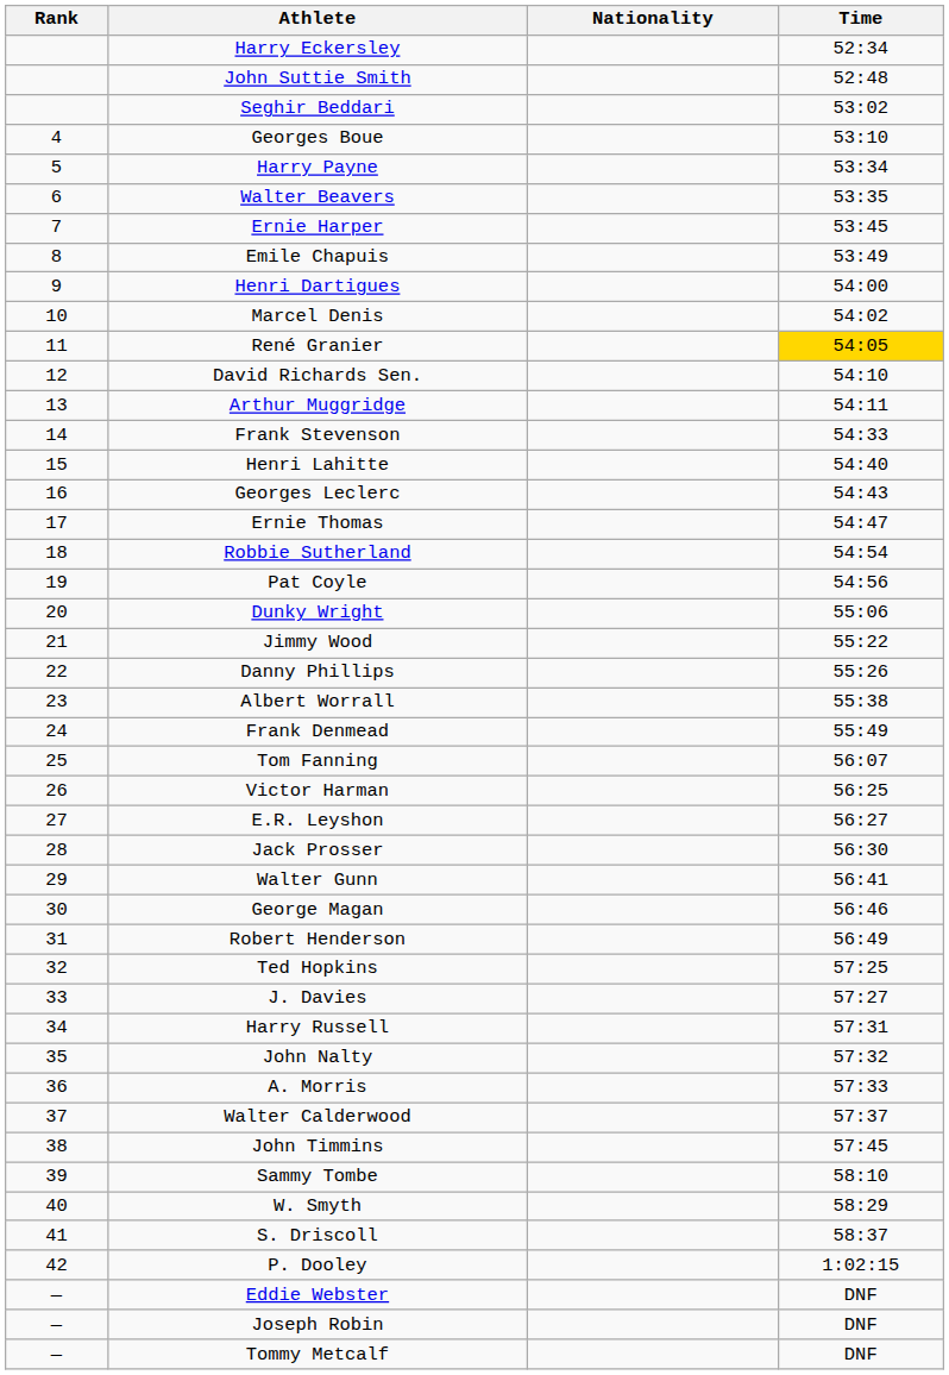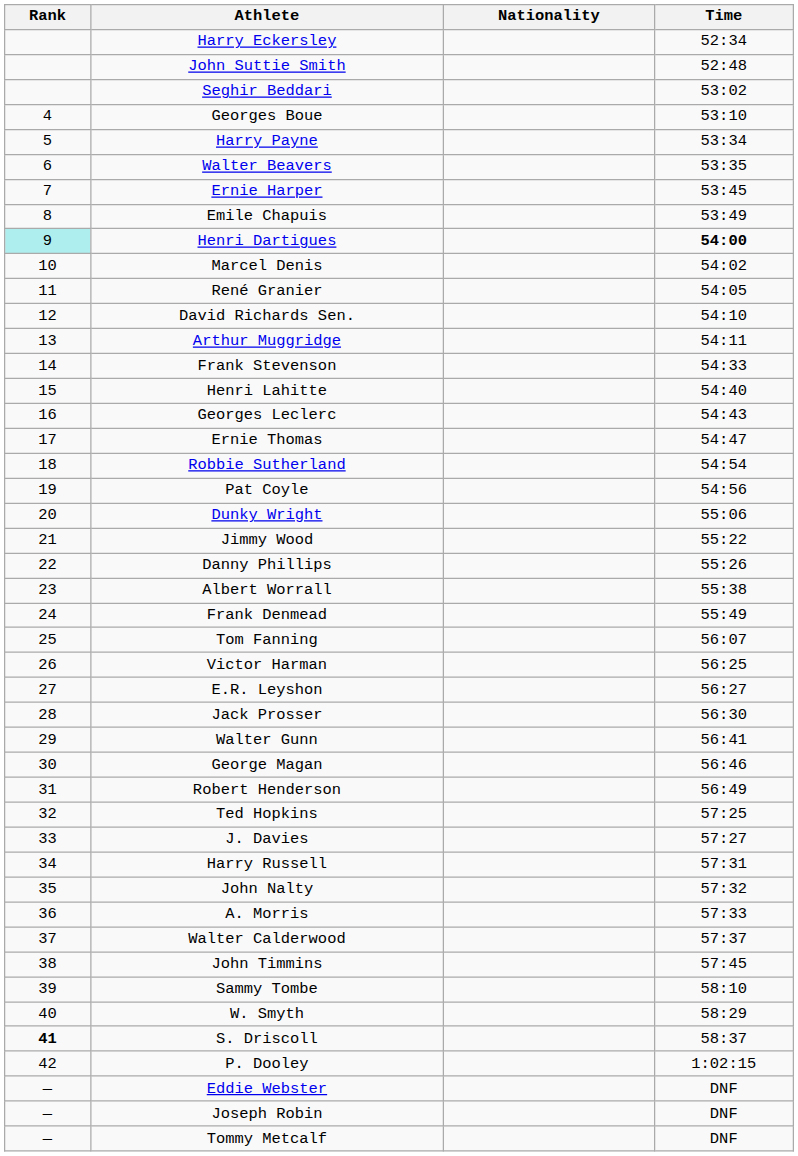 <table class="wikitable sortable" style=" text-align:center; font-size:95%;" width="50%">
 <tr>
 <th>Rank</th>
 <th>Athlete</th>
 <th>Nationality</th>
 <th>Time</th>
 </tr>
 <tr>
 <td align=center></td>
 <td><a href='#'>Harry Eckersley</a></td>
 <td></td>
 <td>52:34</td>
 </tr>
 <tr>
 <td align=center></td>
 <td><a href='#'>John Suttie Smith</a></td>
 <td></td>
 <td>52:48</td>
 </tr>
 <tr>
 <td align=center></td>
 <td><a href='#'>Seghir Beddari</a></td>
 <td></td>
 <td>53:02</td>
 </tr>
 <tr>
 <td align=center>4</td>
 <td>Georges Boue</td>
 <td></td>
 <td>53:10</td>
 </tr>
 <tr>
 <td align=center>5</td>
 <td><a href='#'>Harry Payne</a></td>
 <td></td>
 <td>53:34</td>
 </tr>
 <tr>
 <td align=center>6</td>
 <td><a href='#'>Walter Beavers</a></td>
 <td></td>
 <td>53:35</td>
 </tr>
 <tr>
 <td align=center>7</td>
 <td><a href='#'>Ernie Harper</a></td>
 <td></td>
 <td>53:45</td>
 </tr>
 <tr>
 <td align=center>8</td>
 <td>Emile Chapuis</td>
 <td></td>
 <td>53:49</td>
 </tr>
 <tr>
-<td align=center>9</td>
+<td align=center style="background: paleturquoise;">9</td>
 <td><a href='#'>Henri Dartigues</a></td>
 <td></td>
-<td>54:00</td>
+<td><strong>54:00</strong></td>
 </tr>
 <tr>
 <td align=center>10</td>
 <td>Marcel Denis</td>
 <td></td>
 <td>54:02</td>
 </tr>
 <tr>
 <td align=center>11</td>
 <td>René Granier</td>
 <td></td>
-<td style="background: gold;">54:05</td>
+<td>54:05</td>
 </tr>
 <tr>
 <td align=center>12</td>
 <td>David Richards Sen.</td>
 <td></td>
 <td>54:10</td>
 </tr>
 <tr>
 <td align=center>13</td>
 <td><a href='#'>Arthur Muggridge</a></td>
 <td></td>
 <td>54:11</td>
 </tr>
 <tr>
 <td align=center>14</td>
 <td>Frank Stevenson</td>
 <td></td>
 <td>54:33</td>
 </tr>
 <tr>
 <td align=center>15</td>
 <td>Henri Lahitte</td>
 <td></td>
 <td>54:40</td>
 </tr>
 <tr>
 <td align=center>16</td>
 <td>Georges Leclerc</td>
 <td></td>
 <td>54:43</td>
 </tr>
 <tr>
 <td align=center>17</td>
 <td>Ernie Thomas</td>
 <td></td>
 <td>54:47</td>
 </tr>
 <tr>
 <td align=center>18</td>
 <td><a href='#'>Robbie Sutherland</a></td>
 <td></td>
 <td>54:54</td>
 </tr>
 <tr>
 <td align=center>19</td>
 <td>Pat Coyle</td>
 <td></td>
 <td>54:56</td>
 </tr>
 <tr>
 <td align=center>20</td>
 <td><a href='#'>Dunky Wright</a></td>
 <td></td>
 <td>55:06</td>
 </tr>
 <tr>
 <td align=center>21</td>
 <td>Jimmy Wood</td>
 <td></td>
 <td>55:22</td>
 </tr>
 <tr>
 <td align=center>22</td>
 <td>Danny Phillips</td>
 <td></td>
 <td>55:26</td>
 </tr>
 <tr>
 <td align=center>23</td>
 <td>Albert Worrall</td>
 <td></td>
 <td>55:38</td>
 </tr>
 <tr>
 <td align=center>24</td>
 <td>Frank Denmead</td>
 <td></td>
 <td>55:49</td>
 </tr>
 <tr>
 <td align=center>25</td>
 <td>Tom Fanning</td>
 <td></td>
 <td>56:07</td>
 </tr>
 <tr>
 <td align=center>26</td>
 <td>Victor Harman</td>
 <td></td>
 <td>56:25</td>
 </tr>
 <tr>
 <td align=center>27</td>
 <td>E.R. Leyshon</td>
 <td></td>
 <td>56:27</td>
 </tr>
 <tr>
 <td align=center>28</td>
 <td>Jack Prosser</td>
 <td></td>
 <td>56:30</td>
 </tr>
 <tr>
 <td align=center>29</td>
 <td>Walter Gunn</td>
 <td></td>
 <td>56:41</td>
 </tr>
 <tr>
 <td align=center>30</td>
 <td>George Magan</td>
 <td></td>
 <td>56:46</td>
 </tr>
 <tr>
 <td align=center>31</td>
 <td>Robert Henderson</td>
 <td></td>
 <td>56:49</td>
 </tr>
 <tr>
 <td align=center>32</td>
 <td>Ted Hopkins</td>
 <td></td>
 <td>57:25</td>
 </tr>
 <tr>
 <td align=center>33</td>
 <td>J. Davies</td>
 <td></td>
 <td>57:27</td>
 </tr>
 <tr>
 <td align=center>34</td>
 <td>Harry Russell</td>
 <td></td>
 <td>57:31</td>
 </tr>
 <tr>
 <td align=center>35</td>
 <td>John Nalty</td>
 <td></td>
 <td>57:32</td>
 </tr>
 <tr>
 <td align=center>36</td>
 <td>A. Morris</td>
 <td></td>
 <td>57:33</td>
 </tr>
 <tr>
 <td align=center>37</td>
 <td>Walter Calderwood</td>
 <td></td>
 <td>57:37</td>
 </tr>
 <tr>
 <td align=center>38</td>
 <td>John Timmins</td>
 <td></td>
 <td>57:45</td>
 </tr>
 <tr>
 <td align=center>39</td>
 <td>Sammy Tombe</td>
 <td></td>
 <td>58:10</td>
 </tr>
 <tr>
 <td align=center>40</td>
 <td>W. Smyth</td>
 <td></td>
 <td>58:29</td>
 </tr>
 <tr>
-<td align=center>41</td>
+<td align=center><strong>41</strong></td>
 <td>S. Driscoll</td>
 <td></td>
 <td>58:37</td>
 </tr>
 <tr>
 <td align=center>42</td>
 <td>P. Dooley</td>
 <td></td>
 <td>1:02:15</td>
 </tr>
 <tr>
 <td align=center>—</td>
 <td><a href='#'>Eddie Webster</a></td>
 <td></td>
 <td>DNF</td>
 </tr>
 <tr>
 <td align=center>—</td>
 <td>Joseph Robin</td>
 <td></td>
 <td>DNF</td>
 </tr>
 <tr>
 <td align=center>—</td>
 <td>Tommy Metcalf</td>
 <td></td>
 <td>DNF</td>
 </tr>
 </table>
